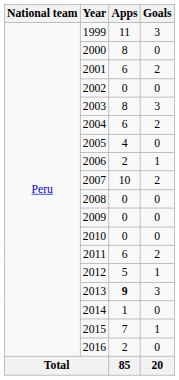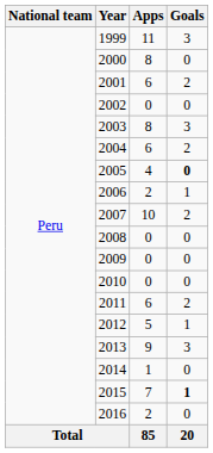 <table class="wikitable" style="text-align:center">
 <tr>
 <th>National team</th>
 <th>Year</th>
 <th>Apps</th>
 <th>Goals</th>
 </tr>
 <tr>
 <td rowspan="18"><a href='#'>Peru</a></td>
 <td>1999</td>
 <td>11</td>
 <td>3</td>
 </tr>
 <tr>
 <td>2000</td>
 <td>8</td>
 <td>0</td>
 </tr>
 <tr>
 <td>2001</td>
 <td>6</td>
 <td>2</td>
 </tr>
 <tr>
 <td>2002</td>
 <td>0</td>
 <td>0</td>
 </tr>
 <tr>
 <td>2003</td>
 <td>8</td>
 <td>3</td>
 </tr>
 <tr>
 <td>2004</td>
 <td>6</td>
 <td>2</td>
 </tr>
 <tr>
 <td>2005</td>
 <td>4</td>
-<td>0</td>
+<td><strong>0</strong></td>
 </tr>
 <tr>
 <td>2006</td>
 <td>2</td>
 <td>1</td>
 </tr>
 <tr>
 <td>2007</td>
 <td>10</td>
 <td>2</td>
 </tr>
 <tr>
 <td>2008</td>
 <td>0</td>
 <td>0</td>
 </tr>
 <tr>
 <td>2009</td>
 <td>0</td>
 <td>0</td>
 </tr>
 <tr>
 <td>2010</td>
 <td>0</td>
 <td>0</td>
 </tr>
 <tr>
 <td>2011</td>
 <td>6</td>
 <td>2</td>
 </tr>
 <tr>
 <td>2012</td>
 <td>5</td>
 <td>1</td>
 </tr>
 <tr>
 <td>2013</td>
-<td><strong>9</strong></td>
+<td>9</td>
 <td>3</td>
 </tr>
 <tr>
 <td>2014</td>
 <td>1</td>
 <td>0</td>
 </tr>
 <tr>
 <td>2015</td>
 <td>7</td>
-<td>1</td>
+<td><strong>1</strong></td>
 </tr>
 <tr>
 <td>2016</td>
 <td>2</td>
 <td>0</td>
 </tr>
 <tr>
 <th colspan="2">Total</th>
 <th>85</th>
 <th>20</th>
 </tr>
 </table>
